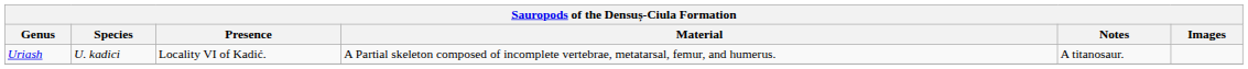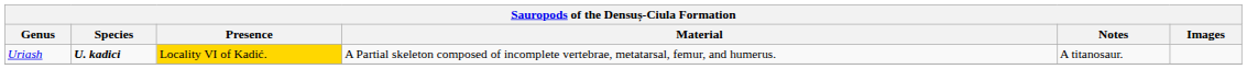 <table class="wikitable" align="center" width="100%">
 <tr>
 <th colspan="6" align="center"><strong><a href='#'>Sauropods</a></strong> of the Densuș-Ciula Formation</th>
 </tr>
 <tr>
 <th>Genus</th>
 <th>Species</th>
 <th>Presence</th>
 <th>Material</th>
 <th>Notes</th>
 <th>Images</th>
 </tr>
 <tr>
 <td><em><a href='#'>Uriash</a></em></td>
-<td><em>U.  kadici</em></td>
-<td>Locality VI of Kadić.</td>
+<td><strong><em>U.  kadici</em></strong></td>
+<td style="background: gold;">Locality VI of Kadić.</td>
 <td>A Partial skeleton composed of incomplete vertebrae, metatarsal, femur, and humerus.</td>
 <td>A titanosaur.</td>
 <td></td>
 </tr>
 <tr>
 </tr>
 </table>
